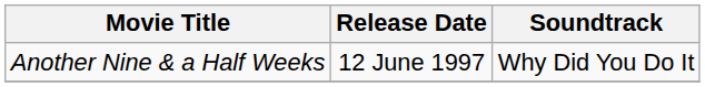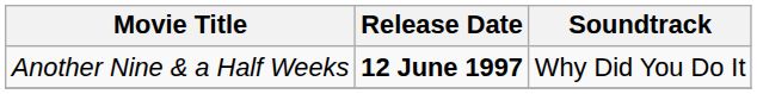 <table class="wikitable">
 <tr>
 <th>Movie Title</th>
 <th>Release Date</th>
 <th>Soundtrack</th>
 </tr>
 <tr>
 <td><em>Another Nine & a Half Weeks</em></td>
-<td align="center">12 June 1997</td>
+<td align="center"><strong>12 June 1997</strong></td>
 <td>Why Did You Do It</td>
 </tr>
 <tr>
 </tr>
 </table>
